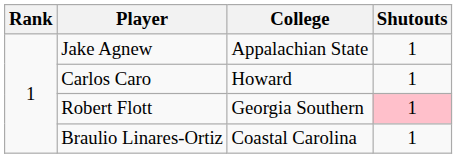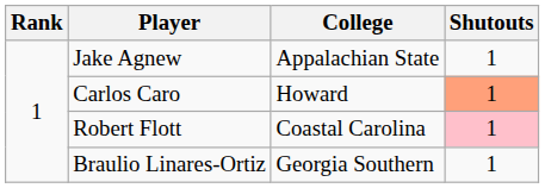 <table class="wikitable" style="text-align:center">
 <tr>
 <th>Rank</th>
 <th>Player</th>
 <th>College</th>
 <th>Shutouts</th>
 </tr>
 <tr>
 <td rowspan="4">1</td>
 <td align=left> Jake Agnew</td>
 <td align=left>Appalachian State</td>
 <td>1</td>
 </tr>
 <tr>
 <td align=left> Carlos Caro</td>
 <td align=left>Howard</td>
-<td>1</td>
+<td style="background: lightsalmon;">1</td>
 </tr>
 <tr>
 <td align=left> Robert Flott</td>
-<td align=left>Georgia Southern</td>
+<td align=left>Coastal Carolina</td>
 <td style="background: pink;">1</td>
 </tr>
 <tr>
 <td align=left> Braulio Linares-Ortiz</td>
-<td align=left>Coastal Carolina</td>
+<td align=left>Georgia Southern</td>
 <td>1</td>
 </tr>
 </table>
